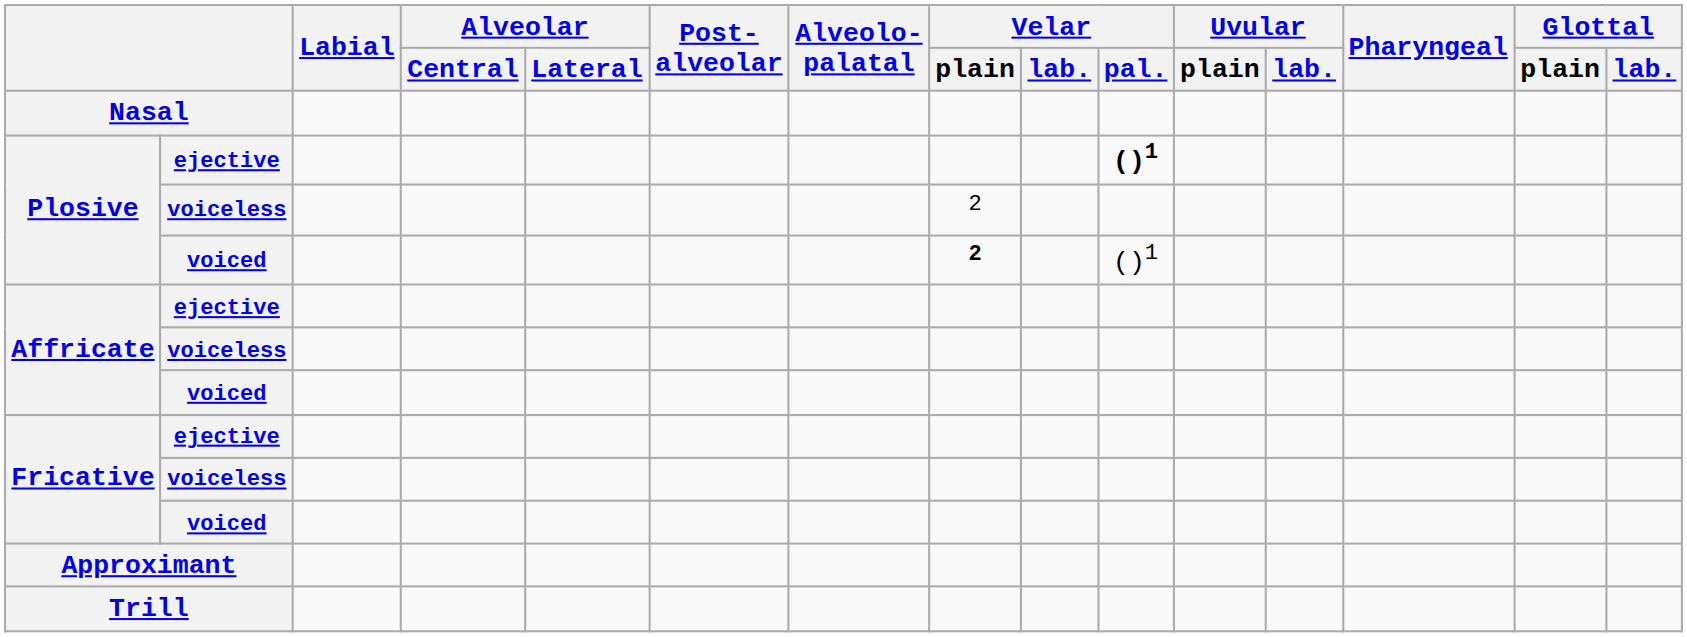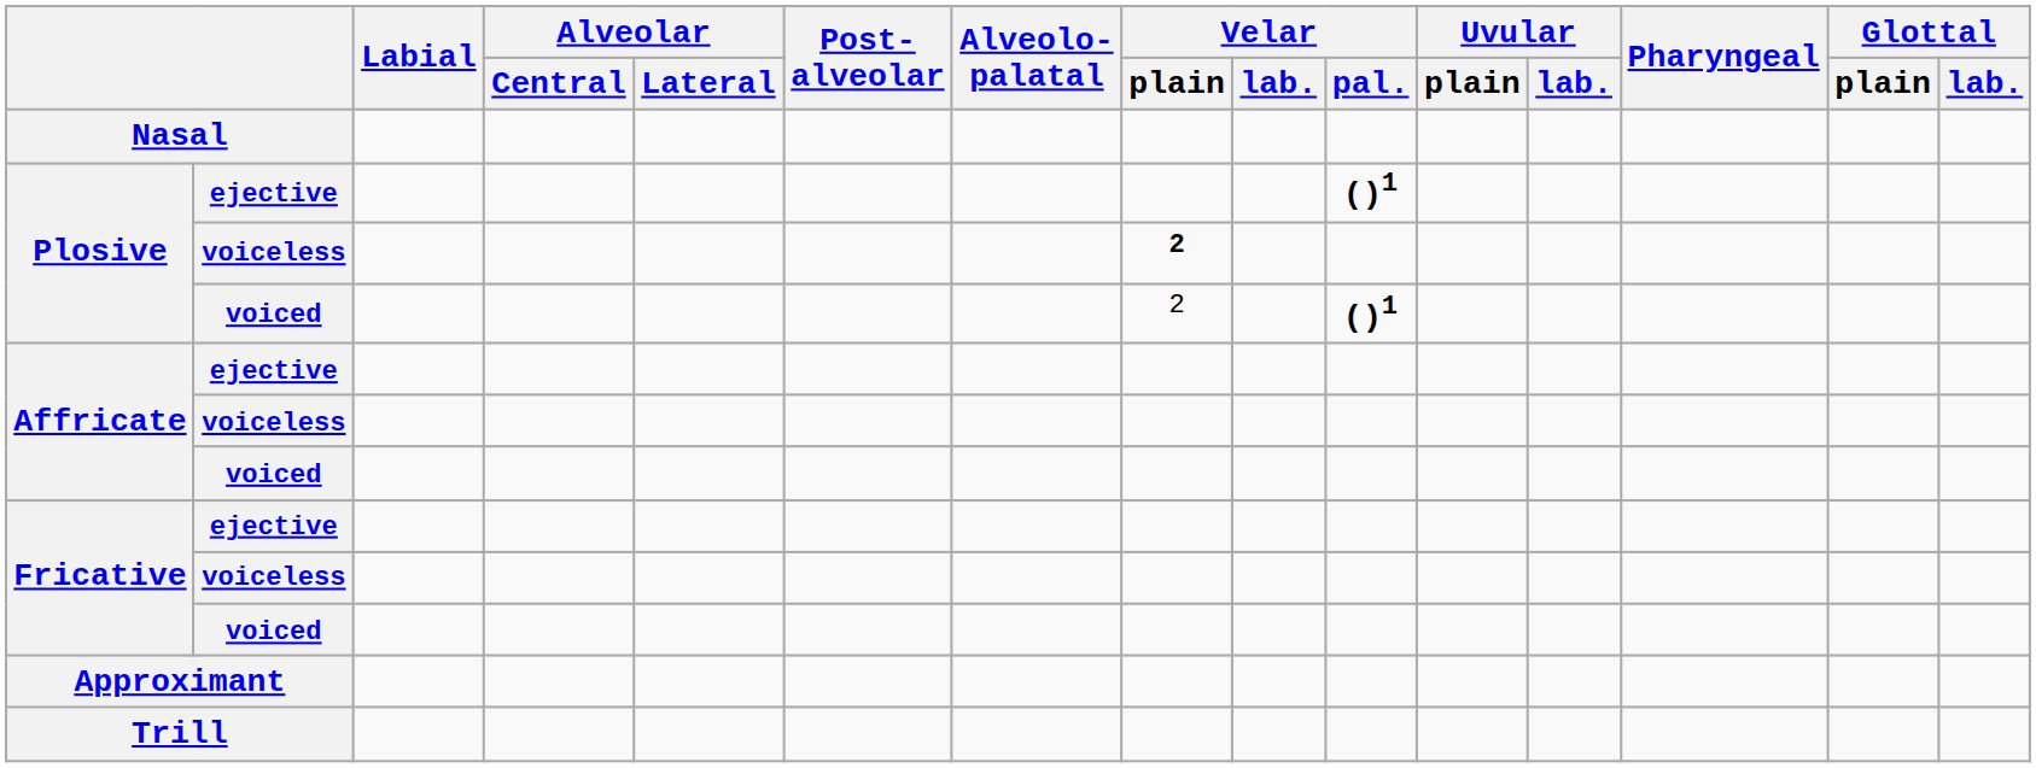 <table class="wikitable" style=text-align:center>
 <tr>
 <th rowspan="2" colspan="2"></th>
 <th rowspan="2"><a href='#'>Labial</a></th>
 <th colspan="2"><a href='#'>Alveolar</a></th>
 <th rowspan="2"><a href='#'>Post-<br>alveolar</a></th>
 <th rowspan="2"><a href='#'>Alveolo-<br>palatal</a></th>
 <th colspan="3"><a href='#'>Velar</a></th>
 <th colspan="2"><a href='#'>Uvular</a></th>
 <th rowspan="2"><a href='#'>Pharyngeal</a></th>
 <th colspan="2"><a href='#'>Glottal</a></th>
 </tr>
 <tr class=small>
 <th><a href='#'>Central</a></th>
 <th><a href='#'>Lateral</a></th>
 <th>plain</th>
 <th><a href='#'>lab.</a></th>
 <th><a href='#'>pal.</a></th>
 <th>plain</th>
 <th><a href='#'>lab.</a></th>
 <th>plain</th>
 <th><a href='#'>lab.</a></th>
 </tr>
 <tr>
 <th colspan=2><a href='#'>Nasal</a></th>
 <td></td>
 <td></td>
 <td></td>
 <td></td>
 <td></td>
 <td></td>
 <td></td>
 <td></td>
 <td></td>
 <td></td>
 <td></td>
 <td></td>
 <td></td>
 </tr>
 <tr>
 <th rowspan="3"><a href='#'>Plosive</a></th>
 <th><small><a href='#'>ejective</a></small></th>
 <td></td>
 <td></td>
 <td></td>
 <td></td>
 <td></td>
 <td></td>
 <td></td>
 <td><strong>()<sup>1</sup></strong></td>
 <td></td>
 <td></td>
 <td></td>
 <td></td>
 <td></td>
 </tr>
 <tr>
 <th><small><a href='#'>voiceless</a></small></th>
 <td></td>
 <td></td>
 <td></td>
 <td></td>
 <td></td>
-<td><sup>2</sup></td>
+<td><strong><sup>2</sup></strong></td>
 <td></td>
 <td></td>
 <td></td>
 <td></td>
 <td></td>
 <td></td>
 <td></td>
 </tr>
 <tr>
 <th><small><a href='#'>voiced</a></small></th>
 <td></td>
 <td></td>
 <td></td>
 <td></td>
 <td></td>
-<td><strong><sup>2</sup></strong></td>
+<td><sup>2</sup></td>
 <td></td>
-<td>()<sup>1</sup></td>
+<td><strong>()<sup>1</sup></strong></td>
 <td></td>
 <td></td>
 <td></td>
 <td></td>
 <td></td>
 </tr>
 <tr>
 <th rowspan="3"><a href='#'>Affricate</a></th>
 <th><small><a href='#'>ejective</a></small></th>
 <td></td>
 <td></td>
 <td></td>
 <td></td>
 <td></td>
 <td></td>
 <td></td>
 <td></td>
 <td></td>
 <td></td>
 <td></td>
 <td></td>
 <td></td>
 </tr>
 <tr>
 <th><small><a href='#'>voiceless</a></small></th>
 <td></td>
 <td></td>
 <td></td>
 <td></td>
 <td></td>
 <td></td>
 <td></td>
 <td></td>
 <td></td>
 <td></td>
 <td></td>
 <td></td>
 <td></td>
 </tr>
 <tr>
 <th><small><a href='#'>voiced</a></small></th>
 <td></td>
 <td></td>
 <td></td>
 <td></td>
 <td></td>
 <td></td>
 <td></td>
 <td></td>
 <td></td>
 <td></td>
 <td></td>
 <td></td>
 <td></td>
 </tr>
 <tr>
 <th rowspan="3"><a href='#'>Fricative</a></th>
 <th><small><a href='#'>ejective</a></small></th>
 <td></td>
 <td></td>
 <td></td>
 <td></td>
 <td></td>
 <td></td>
 <td></td>
 <td></td>
 <td></td>
 <td></td>
 <td></td>
 <td></td>
 <td></td>
 </tr>
 <tr>
 <th><small><a href='#'>voiceless</a></small></th>
 <td></td>
 <td></td>
 <td></td>
 <td></td>
 <td></td>
 <td></td>
 <td></td>
 <td></td>
 <td></td>
 <td></td>
 <td></td>
 <td></td>
 <td></td>
 </tr>
 <tr>
 <th><small><a href='#'>voiced</a></small></th>
 <td></td>
 <td></td>
 <td></td>
 <td></td>
 <td></td>
 <td></td>
 <td></td>
 <td></td>
 <td></td>
 <td></td>
 <td></td>
 <td></td>
 <td></td>
 </tr>
 <tr>
 <th colspan=2><a href='#'>Approximant</a></th>
 <td></td>
 <td></td>
 <td></td>
 <td></td>
 <td></td>
 <td></td>
 <td></td>
 <td></td>
 <td></td>
 <td></td>
 <td></td>
 <td></td>
 <td></td>
 </tr>
 <tr>
 <th colspan="2"><a href='#'>Trill</a></th>
 <td></td>
 <td></td>
 <td></td>
 <td></td>
 <td></td>
 <td></td>
 <td></td>
 <td></td>
 <td></td>
 <td></td>
 <td></td>
 <td></td>
 <td></td>
 </tr>
 </table>
